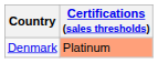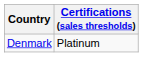 <table class="wikitable">
 <tr>
 <th>Country</th>
 <th><a href='#'>Certifications</a><br><small>(<a href='#'>sales thresholds</a>)</small></th>
 </tr>
 <tr>
 <td><a href='#'>Denmark</a></td>
-<td style="background: lightsalmon;">Platinum</td>
+<td>Platinum</td>
 </tr>
 </table>
